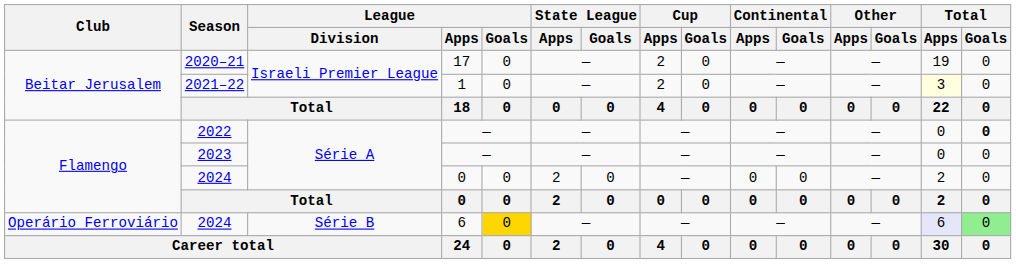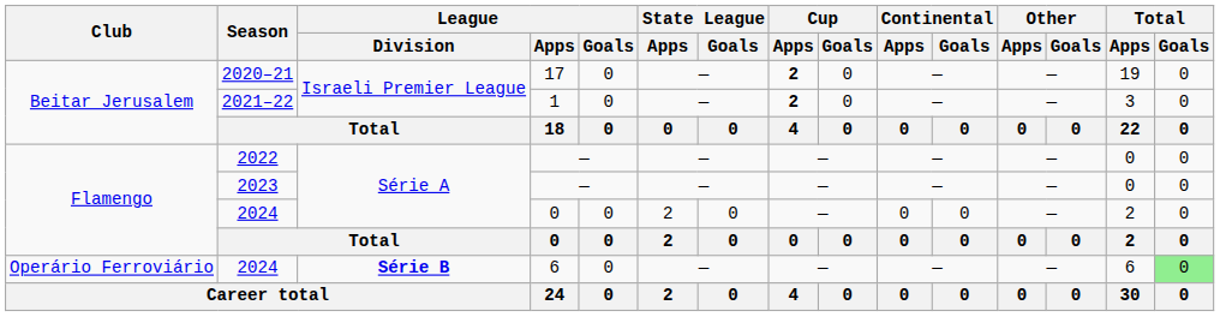 <table class="wikitable" style="text-align: center">
 <tr>
 <th rowspan="2">Club</th>
 <th rowspan="2">Season</th>
 <th colspan="3">League</th>
 <th colspan="2">State League</th>
 <th colspan="2">Cup</th>
 <th colspan="2">Continental</th>
 <th colspan="2">Other</th>
 <th colspan="2">Total</th>
 </tr>
 <tr>
 <th>Division</th>
 <th>Apps</th>
 <th>Goals</th>
 <th>Apps</th>
 <th>Goals</th>
 <th>Apps</th>
 <th>Goals</th>
 <th>Apps</th>
 <th>Goals</th>
 <th>Apps</th>
 <th>Goals</th>
 <th>Apps</th>
 <th>Goals</th>
 </tr>
 <tr>
 <td rowspan="3"><a href='#'>Beitar Jerusalem</a></td>
 <td><a href='#'>2020–21</a></td>
 <td rowspan="2"><a href='#'>Israeli Premier League</a></td>
 <td>17</td>
 <td>0</td>
 <td colspan="2">—</td>
-<td>2</td>
+<td><strong>2</strong></td>
 <td>0</td>
 <td colspan="2">—</td>
 <td colspan="2">—</td>
 <td>19</td>
 <td>0</td>
 </tr>
 <tr>
 <td><a href='#'>2021–22</a></td>
 <td>1</td>
 <td>0</td>
 <td colspan="2">—</td>
-<td>2</td>
+<td><strong>2</strong></td>
 <td>0</td>
 <td colspan="2">—</td>
 <td colspan="2">—</td>
-<td style="background: lightyellow;">3</td>
+<td>3</td>
 <td>0</td>
 </tr>
 <tr>
 <th colspan="2">Total</th>
 <th>18</th>
 <th>0</th>
 <th>0</th>
 <th>0</th>
 <th>4</th>
 <th>0</th>
 <th>0</th>
 <th>0</th>
 <th>0</th>
 <th>0</th>
 <th>22</th>
 <th>0</th>
 </tr>
 <tr>
 <td rowspan="4"><a href='#'>Flamengo</a></td>
 <td><a href='#'>2022</a></td>
 <td rowspan="3"><a href='#'>Série A</a></td>
 <td colspan="2">—</td>
 <td colspan="2">—</td>
 <td colspan="2">—</td>
 <td colspan="2">—</td>
 <td colspan="2">—</td>
 <td>0</td>
-<td><strong>0</strong></td>
+<td>0</td>
 </tr>
 <tr>
 <td><a href='#'>2023</a></td>
 <td colspan="2">—</td>
 <td colspan="2">—</td>
 <td colspan="2">—</td>
 <td colspan="2">—</td>
 <td colspan="2">—</td>
 <td>0</td>
 <td>0</td>
 </tr>
 <tr>
 <td><a href='#'>2024</a></td>
 <td>0</td>
 <td>0</td>
 <td>2</td>
 <td>0</td>
 <td colspan="2">—</td>
 <td>0</td>
 <td>0</td>
 <td colspan="2">—</td>
 <td>2</td>
 <td>0</td>
 </tr>
 <tr>
 <th colspan="2">Total</th>
 <th>0</th>
 <th>0</th>
 <th>2</th>
 <th>0</th>
 <th>0</th>
 <th>0</th>
 <th>0</th>
 <th>0</th>
 <th>0</th>
 <th>0</th>
 <th>2</th>
 <th>0</th>
 </tr>
 <tr>
 <td rowspan="1"><a href='#'>Operário Ferroviário</a></td>
 <td><a href='#'>2024</a></td>
-<td rowspan="1"><a href='#'>Série B</a></td>
+<td rowspan="1"><strong><a href='#'>Série B</a></strong></td>
 <td>6</td>
-<td style="background: gold;">0</td>
+<td>0</td>
 <td colspan="2">—</td>
 <td colspan="2">—</td>
 <td colspan="2">—</td>
 <td colspan="2">—</td>
-<td style="background: lavender;">6</td>
+<td>6</td>
 <td style="background: lightgreen;">0</td>
 </tr>
 <tr>
 <th colspan="3">Career total</th>
 <th>24</th>
 <th>0</th>
 <th>2</th>
 <th>0</th>
 <th>4</th>
 <th>0</th>
 <th>0</th>
 <th>0</th>
 <th>0</th>
 <th>0</th>
 <th>30</th>
 <th>0</th>
 </tr>
 </table>
